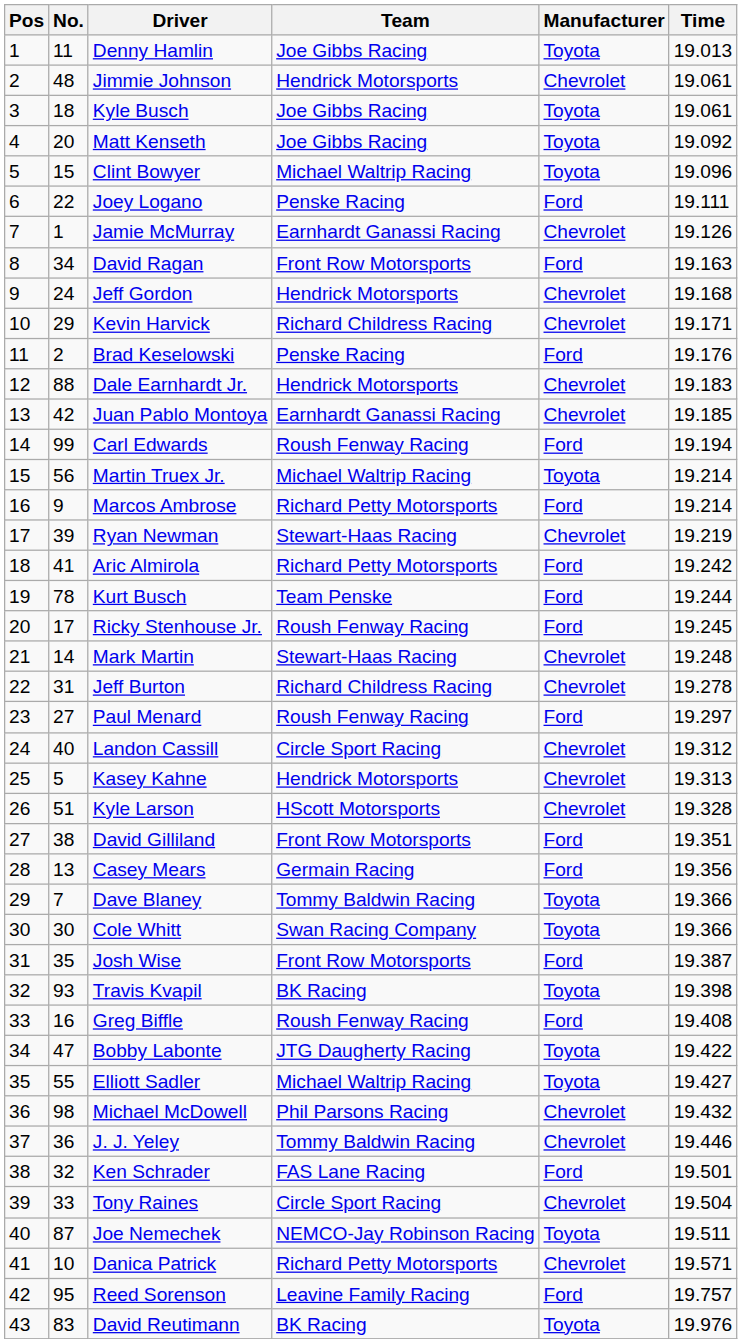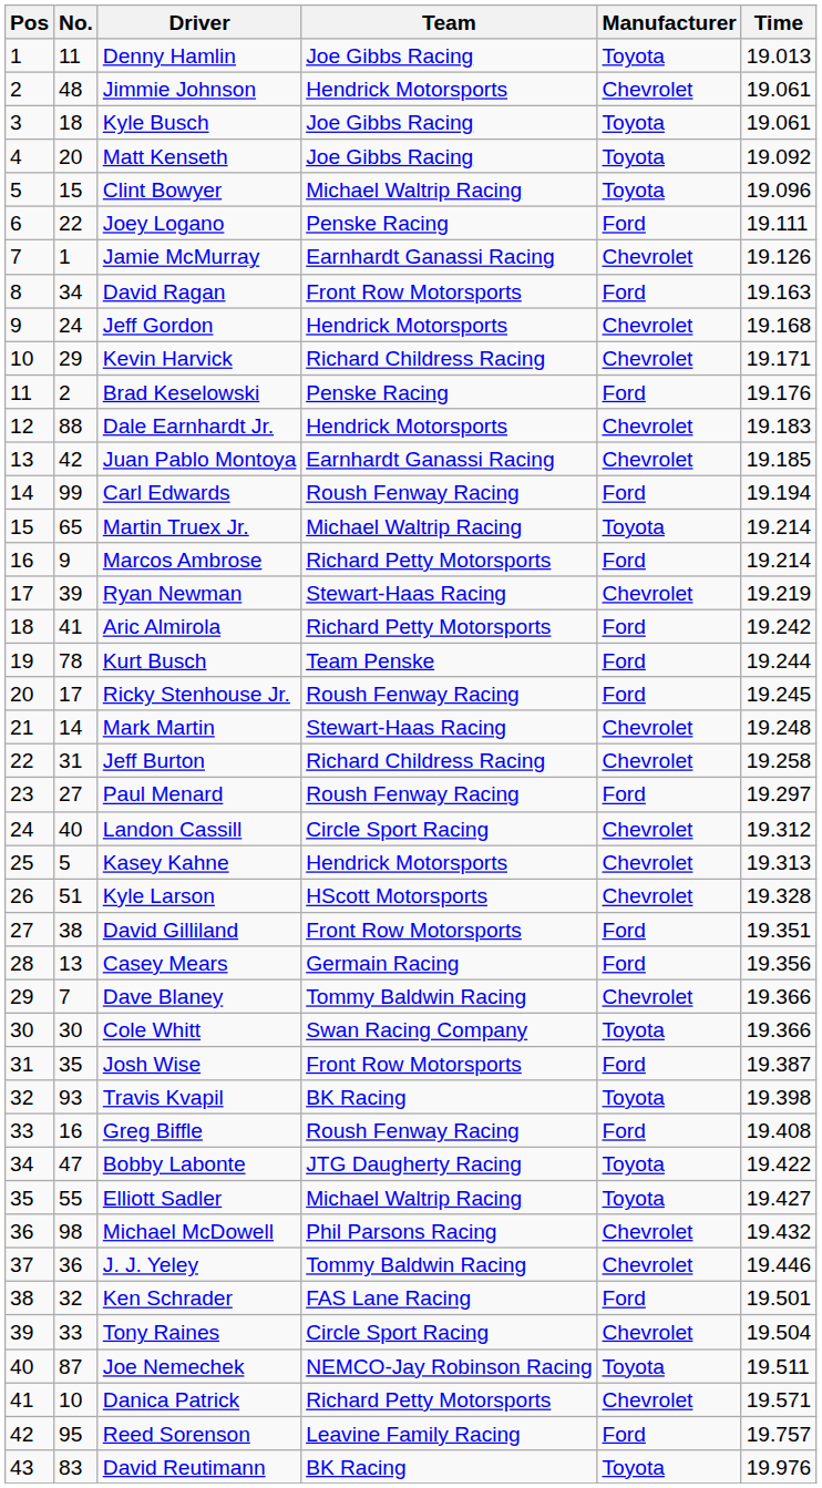 <table class="wikitable" style="font-size:95%">
 <tr>
 <th>Pos</th>
 <th>No.</th>
 <th>Driver</th>
 <th>Team</th>
 <th>Manufacturer</th>
 <th>Time</th>
 </tr>
 <tr>
 <td>1</td>
 <td>11</td>
 <td><a href='#'>Denny Hamlin</a></td>
 <td><a href='#'>Joe Gibbs Racing</a></td>
 <td><a href='#'>Toyota</a></td>
 <td>19.013</td>
 </tr>
 <tr>
 <td>2</td>
 <td>48</td>
 <td><a href='#'>Jimmie Johnson</a></td>
 <td><a href='#'>Hendrick Motorsports</a></td>
 <td><a href='#'>Chevrolet</a></td>
 <td>19.061</td>
 </tr>
 <tr>
 <td>3</td>
 <td>18</td>
 <td><a href='#'>Kyle Busch</a></td>
 <td><a href='#'>Joe Gibbs Racing</a></td>
 <td><a href='#'>Toyota</a></td>
 <td>19.061</td>
 </tr>
 <tr>
 <td>4</td>
 <td>20</td>
 <td><a href='#'>Matt Kenseth</a></td>
 <td><a href='#'>Joe Gibbs Racing</a></td>
 <td><a href='#'>Toyota</a></td>
 <td>19.092</td>
 </tr>
 <tr>
 <td>5</td>
 <td>15</td>
 <td><a href='#'>Clint Bowyer</a></td>
 <td><a href='#'>Michael Waltrip Racing</a></td>
 <td><a href='#'>Toyota</a></td>
 <td>19.096</td>
 </tr>
 <tr>
 <td>6</td>
 <td>22</td>
 <td><a href='#'>Joey Logano</a></td>
 <td><a href='#'>Penske Racing</a></td>
 <td><a href='#'>Ford</a></td>
 <td>19.111</td>
 </tr>
 <tr>
 <td>7</td>
 <td>1</td>
 <td><a href='#'>Jamie McMurray</a></td>
 <td><a href='#'>Earnhardt Ganassi Racing</a></td>
 <td><a href='#'>Chevrolet</a></td>
 <td>19.126</td>
 </tr>
 <tr>
 <td>8</td>
 <td>34</td>
 <td><a href='#'>David Ragan</a></td>
 <td><a href='#'>Front Row Motorsports</a></td>
 <td><a href='#'>Ford</a></td>
 <td>19.163</td>
 </tr>
 <tr>
 <td>9</td>
 <td>24</td>
 <td><a href='#'>Jeff Gordon</a></td>
 <td><a href='#'>Hendrick Motorsports</a></td>
 <td><a href='#'>Chevrolet</a></td>
 <td>19.168</td>
 </tr>
 <tr>
 <td>10</td>
 <td>29</td>
 <td><a href='#'>Kevin Harvick</a></td>
 <td><a href='#'>Richard Childress Racing</a></td>
 <td><a href='#'>Chevrolet</a></td>
 <td>19.171</td>
 </tr>
 <tr>
 <td>11</td>
 <td>2</td>
 <td><a href='#'>Brad Keselowski</a></td>
 <td><a href='#'>Penske Racing</a></td>
 <td><a href='#'>Ford</a></td>
 <td>19.176</td>
 </tr>
 <tr>
 <td>12</td>
 <td>88</td>
 <td><a href='#'>Dale Earnhardt Jr.</a></td>
 <td><a href='#'>Hendrick Motorsports</a></td>
 <td><a href='#'>Chevrolet</a></td>
 <td>19.183</td>
 </tr>
 <tr>
 <td>13</td>
 <td>42</td>
 <td><a href='#'>Juan Pablo Montoya</a></td>
 <td><a href='#'>Earnhardt Ganassi Racing</a></td>
 <td><a href='#'>Chevrolet</a></td>
 <td>19.185</td>
 </tr>
 <tr>
 <td>14</td>
 <td>99</td>
 <td><a href='#'>Carl Edwards</a></td>
 <td><a href='#'>Roush Fenway Racing</a></td>
 <td><a href='#'>Ford</a></td>
 <td>19.194</td>
 </tr>
 <tr>
 <td>15</td>
-<td>56</td>
+<td>65</td>
 <td><a href='#'>Martin Truex Jr.</a></td>
 <td><a href='#'>Michael Waltrip Racing</a></td>
 <td><a href='#'>Toyota</a></td>
 <td>19.214</td>
 </tr>
 <tr>
 <td>16</td>
 <td>9</td>
 <td><a href='#'>Marcos Ambrose</a></td>
 <td><a href='#'>Richard Petty Motorsports</a></td>
 <td><a href='#'>Ford</a></td>
 <td>19.214</td>
 </tr>
 <tr>
 <td>17</td>
 <td>39</td>
 <td><a href='#'>Ryan Newman</a></td>
 <td><a href='#'>Stewart-Haas Racing</a></td>
 <td><a href='#'>Chevrolet</a></td>
 <td>19.219</td>
 </tr>
 <tr>
 <td>18</td>
 <td>41</td>
 <td><a href='#'>Aric Almirola</a></td>
 <td><a href='#'>Richard Petty Motorsports</a></td>
 <td><a href='#'>Ford</a></td>
 <td>19.242</td>
 </tr>
 <tr>
 <td>19</td>
 <td>78</td>
 <td><a href='#'>Kurt Busch</a></td>
 <td><a href='#'>Team Penske</a></td>
 <td><a href='#'>Ford</a></td>
 <td>19.244</td>
 </tr>
 <tr>
 <td>20</td>
 <td>17</td>
 <td><a href='#'>Ricky Stenhouse Jr.</a></td>
 <td><a href='#'>Roush Fenway Racing</a></td>
 <td><a href='#'>Ford</a></td>
 <td>19.245</td>
 </tr>
 <tr>
 <td>21</td>
 <td>14</td>
 <td><a href='#'>Mark Martin</a></td>
 <td><a href='#'>Stewart-Haas Racing</a></td>
 <td><a href='#'>Chevrolet</a></td>
 <td>19.248</td>
 </tr>
 <tr>
 <td>22</td>
 <td>31</td>
 <td><a href='#'>Jeff Burton</a></td>
 <td><a href='#'>Richard Childress Racing</a></td>
 <td><a href='#'>Chevrolet</a></td>
-<td>19.278</td>
+<td>19.258</td>
 </tr>
 <tr>
 <td>23</td>
 <td>27</td>
 <td><a href='#'>Paul Menard</a></td>
 <td><a href='#'>Roush Fenway Racing</a></td>
 <td><a href='#'>Ford</a></td>
 <td>19.297</td>
 </tr>
 <tr>
 <td>24</td>
 <td>40</td>
 <td><a href='#'>Landon Cassill</a></td>
 <td><a href='#'>Circle Sport Racing</a></td>
 <td><a href='#'>Chevrolet</a></td>
 <td>19.312</td>
 </tr>
 <tr>
 <td>25</td>
 <td>5</td>
 <td><a href='#'>Kasey Kahne</a></td>
 <td><a href='#'>Hendrick Motorsports</a></td>
 <td><a href='#'>Chevrolet</a></td>
 <td>19.313</td>
 </tr>
 <tr>
 <td>26</td>
 <td>51</td>
 <td><a href='#'>Kyle Larson</a></td>
 <td><a href='#'>HScott Motorsports</a></td>
 <td><a href='#'>Chevrolet</a></td>
 <td>19.328</td>
 </tr>
 <tr>
 <td>27</td>
 <td>38</td>
 <td><a href='#'>David Gilliland</a></td>
 <td><a href='#'>Front Row Motorsports</a></td>
 <td><a href='#'>Ford</a></td>
 <td>19.351</td>
 </tr>
 <tr>
 <td>28</td>
 <td>13</td>
 <td><a href='#'>Casey Mears</a></td>
 <td><a href='#'>Germain Racing</a></td>
 <td><a href='#'>Ford</a></td>
 <td>19.356</td>
 </tr>
 <tr>
 <td>29</td>
 <td>7</td>
 <td><a href='#'>Dave Blaney</a></td>
 <td><a href='#'>Tommy Baldwin Racing</a></td>
-<td><a href='#'>Toyota</a></td>
+<td><a href='#'>Chevrolet</a></td>
 <td>19.366</td>
 </tr>
 <tr>
 <td>30</td>
 <td>30</td>
 <td><a href='#'>Cole Whitt</a></td>
 <td><a href='#'>Swan Racing Company</a></td>
 <td><a href='#'>Toyota</a></td>
 <td>19.366</td>
 </tr>
 <tr>
 <td>31</td>
 <td>35</td>
 <td><a href='#'>Josh Wise</a></td>
 <td><a href='#'>Front Row Motorsports</a></td>
 <td><a href='#'>Ford</a></td>
 <td>19.387</td>
 </tr>
 <tr>
 <td>32</td>
 <td>93</td>
 <td><a href='#'>Travis Kvapil</a></td>
 <td><a href='#'>BK Racing</a></td>
 <td><a href='#'>Toyota</a></td>
 <td>19.398</td>
 </tr>
 <tr>
 <td>33</td>
 <td>16</td>
 <td><a href='#'>Greg Biffle</a></td>
 <td><a href='#'>Roush Fenway Racing</a></td>
 <td><a href='#'>Ford</a></td>
 <td>19.408</td>
 </tr>
 <tr>
 <td>34</td>
 <td>47</td>
 <td><a href='#'>Bobby Labonte</a></td>
 <td><a href='#'>JTG Daugherty Racing</a></td>
 <td><a href='#'>Toyota</a></td>
 <td>19.422</td>
 </tr>
 <tr>
 <td>35</td>
 <td>55</td>
 <td><a href='#'>Elliott Sadler</a></td>
 <td><a href='#'>Michael Waltrip Racing</a></td>
 <td><a href='#'>Toyota</a></td>
 <td>19.427</td>
 </tr>
 <tr>
 <td>36</td>
 <td>98</td>
 <td><a href='#'>Michael McDowell</a></td>
 <td><a href='#'>Phil Parsons Racing</a></td>
 <td><a href='#'>Chevrolet</a></td>
 <td>19.432</td>
 </tr>
 <tr>
 <td>37</td>
 <td>36</td>
 <td><a href='#'>J. J. Yeley</a></td>
 <td><a href='#'>Tommy Baldwin Racing</a></td>
 <td><a href='#'>Chevrolet</a></td>
 <td>19.446</td>
 </tr>
 <tr>
 <td>38</td>
 <td>32</td>
 <td><a href='#'>Ken Schrader</a></td>
 <td><a href='#'>FAS Lane Racing</a></td>
 <td><a href='#'>Ford</a></td>
 <td>19.501</td>
 </tr>
 <tr>
 <td>39</td>
 <td>33</td>
 <td><a href='#'>Tony Raines</a></td>
 <td><a href='#'>Circle Sport Racing</a></td>
 <td><a href='#'>Chevrolet</a></td>
 <td>19.504</td>
 </tr>
 <tr>
 <td>40</td>
 <td>87</td>
 <td><a href='#'>Joe Nemechek</a></td>
 <td><a href='#'>NEMCO-Jay Robinson Racing</a></td>
 <td><a href='#'>Toyota</a></td>
 <td>19.511</td>
 </tr>
 <tr>
 <td>41</td>
 <td>10</td>
 <td><a href='#'>Danica Patrick</a></td>
 <td><a href='#'>Richard Petty Motorsports</a></td>
 <td><a href='#'>Chevrolet</a></td>
 <td>19.571</td>
 </tr>
 <tr>
 <td>42</td>
 <td>95</td>
 <td><a href='#'>Reed Sorenson</a></td>
 <td><a href='#'>Leavine Family Racing</a></td>
 <td><a href='#'>Ford</a></td>
 <td>19.757</td>
 </tr>
 <tr>
 <td>43</td>
 <td>83</td>
 <td><a href='#'>David Reutimann</a></td>
 <td><a href='#'>BK Racing</a></td>
 <td><a href='#'>Toyota</a></td>
 <td>19.976</td>
 </tr>
 <tr>
 </tr>
 </table>
